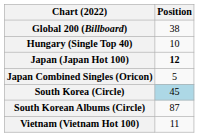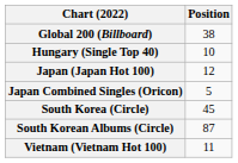 <table class="wikitable sortable plainrowheaders" style="text-align:center">
 <tr>
 <th scope="col">Chart (2022)</th>
 <th scope="col">Position</th>
 </tr>
 <tr>
 <th scope="row">Global 200 (<em>Billboard</em>)</th>
 <td>38</td>
 </tr>
 <tr>
 <th scope="row">Hungary (Single Top 40)</th>
 <td>10</td>
 </tr>
 <tr>
 <th scope="row">Japan (Japan Hot 100)</th>
-<td><strong>12</strong></td>
+<td>12</td>
 </tr>
 <tr>
 <th scope="row">Japan Combined Singles (Oricon)</th>
 <td>5</td>
 </tr>
 <tr>
 <th scope="row">South Korea (Circle)</th>
-<td style="background: lightblue;">45</td>
+<td>45</td>
 </tr>
 <tr>
 <th scope="row">South Korean Albums (Circle)</th>
 <td>87</td>
 </tr>
 <tr>
 <th scope="row">Vietnam (Vietnam Hot 100)</th>
 <td>11</td>
 </tr>
 </table>
